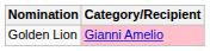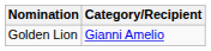 <table class="wikitable">
 <tr>
 <th>Nomination</th>
 <th>Category/Recipient</th>
 </tr>
 <tr>
 <td>Golden Lion</td>
-<td style="background: pink;"><a href='#'>Gianni Amelio</a></td>
+<td><a href='#'>Gianni Amelio</a></td>
 </tr>
 </table>
